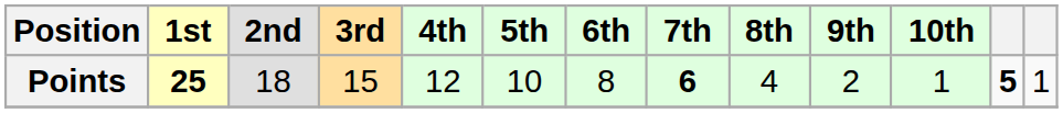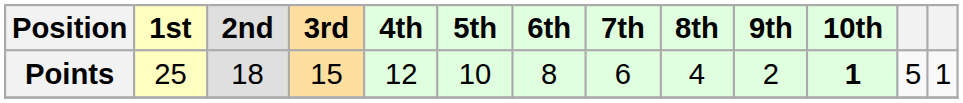 <table class="wikitable" style="font-size:85%; text-align:center">
 <tr>
 <th>Position</th>
 <td style="background:#ffffbf;"> <strong>1st</strong> </td>
 <td style="background:#dfdfdf;"> <strong>2nd</strong> </td>
 <td style="background:#ffdf9f;"> <strong>3rd</strong> </td>
 <td style="background:#dfffdf;"> <strong>4th</strong> </td>
 <td style="background:#dfffdf;"> <strong>5th</strong> </td>
 <td style="background:#dfffdf;"> <strong>6th</strong> </td>
 <td style="background:#dfffdf;"> <strong>7th</strong> </td>
 <td style="background:#dfffdf;"> <strong>8th</strong> </td>
 <td style="background:#dfffdf;"> <strong>9th</strong> </td>
 <td style="background:#dfffdf;"> <strong>10th</strong> </td>
 <th></th>
 <th></th>
 </tr>
 <tr>
 <th>Points</th>
-<td style="background:#ffffbf;"><strong>25</strong></td>
+<td style="background:#ffffbf;">25</td>
 <td style="background:#dfdfdf;">18</td>
 <td style="background:#ffdf9f;">15</td>
 <td style="background:#dfffdf;">12</td>
 <td style="background:#dfffdf;">10</td>
 <td style="background:#dfffdf;">8</td>
-<td style="background:#dfffdf;"><strong>6</strong></td>
+<td style="background:#dfffdf;">6</td>
 <td style="background:#dfffdf;">4</td>
 <td style="background:#dfffdf;">2</td>
-<td style="background:#dfffdf;">1</td>
-<td><strong>5</strong></td>
+<td style="background:#dfffdf;"><strong>1</strong></td>
+<td>5</td>
 <td>1</td>
 </tr>
 <tr>
 </tr>
 </table>
